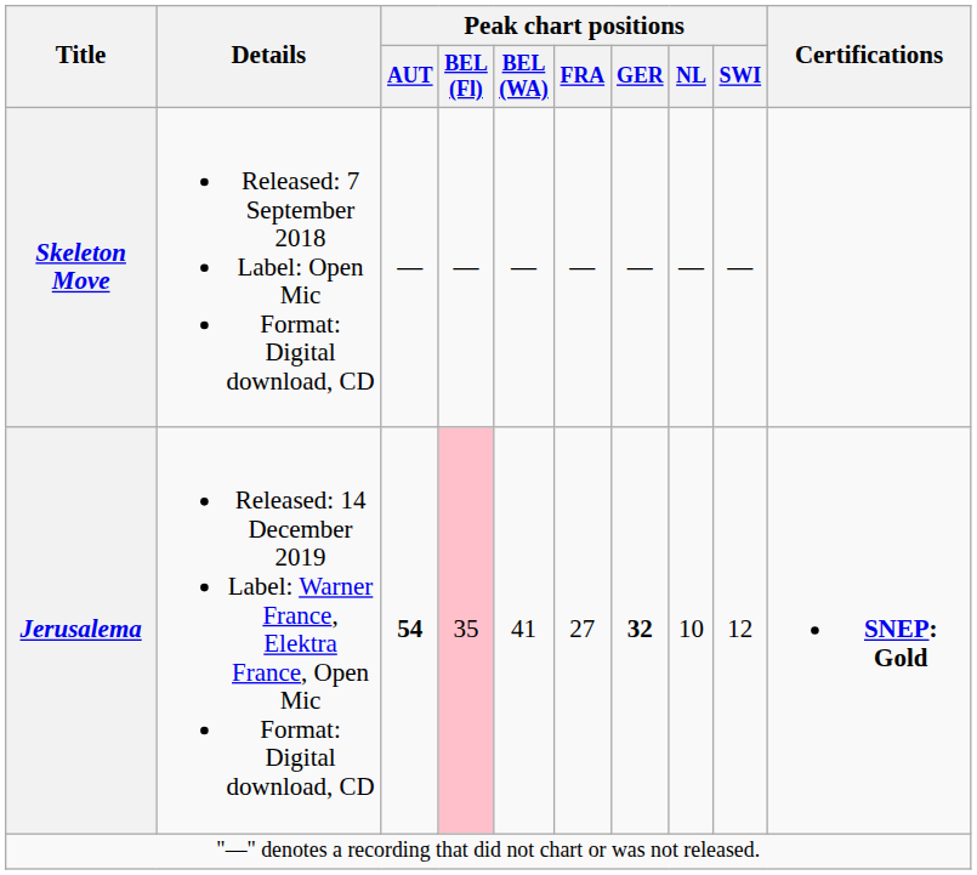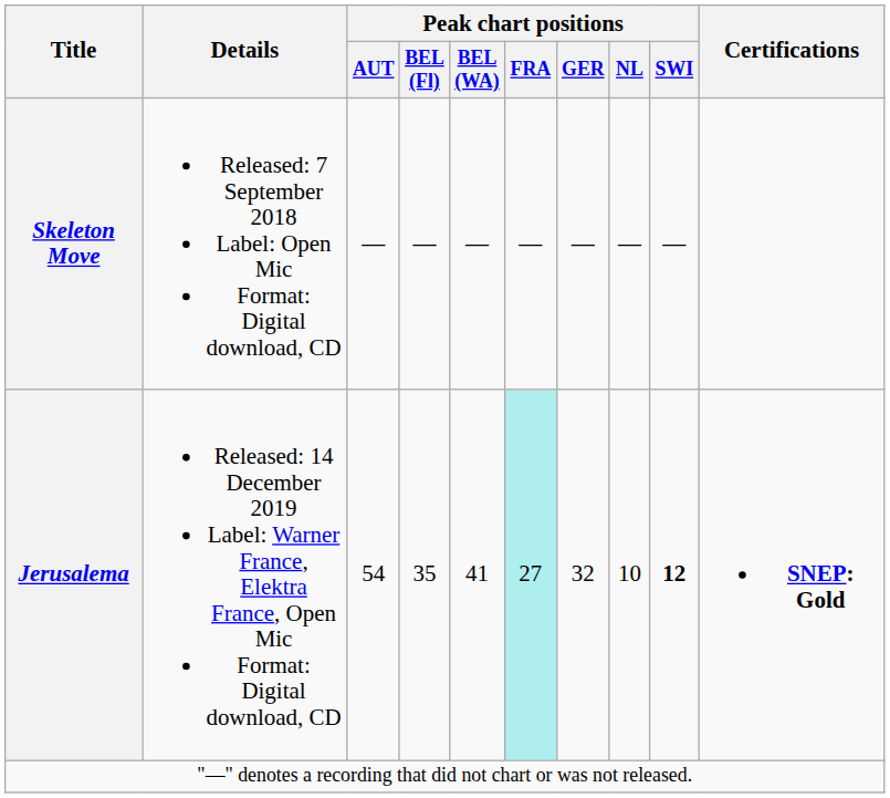 <table class="wikitable plainrowheaders" style="text-align:center;">
 <tr>
 <th scope="col" rowspan="2" style="width:12em;">Title</th>
 <th scope="col" rowspan="2" style="width:24em;">Details</th>
 <th scope="col" colspan="7">Peak chart positions</th>
 <th scope="col" rowspan="2" style="width:24em;">Certifications</th>
 </tr>
 <tr>
 <th scope="col" style="width:3em;font-size:85%;"><a href='#'>AUT</a><br></th>
 <th scope="col" style="width:3em;font-size:85%;"><a href='#'>BEL (Fl)</a><br></th>
 <th scope="col" style="width:3em;font-size:85%;"><a href='#'>BEL (WA)</a><br></th>
 <th scope="col" style="width:3em;font-size:85%;"><a href='#'>FRA</a><br></th>
 <th scope="col" style="width:3em;font-size:85%;"><a href='#'>GER</a><br></th>
 <th scope="col" style="width:3em;font-size:85%;"><a href='#'>NL</a><br></th>
 <th scope="col" style="width:3em;font-size:85%;"><a href='#'>SWI</a><br></th>
 </tr>
 <tr>
 <th scope="row"><em><a href='#'>Skeleton Move</a></em></th>
 <td><br><ul><li>Released: 7 September 2018</li><li>Label: Open Mic</li><li>Format: Digital download, CD</li></ul></td>
 <td>—</td>
 <td>—</td>
 <td>—</td>
 <td>—</td>
 <td>—</td>
 <td>—</td>
 <td>—</td>
 <td></td>
 </tr>
 <tr>
 <th scope="row"><em><a href='#'>Jerusalema</a></em></th>
 <td><br><ul><li>Released: 14 December 2019</li><li>Label: <a href='#'>Warner France</a>, <a href='#'>Elektra France</a>,  Open Mic</li><li>Format: Digital download, CD</li></ul></td>
-<td><strong>54</strong></td>
-<td style="background: pink;">35</td>
+<td>54</td>
+<td>35</td>
 <td>41</td>
-<td>27</td>
-<td><strong>32</strong></td>
+<td style="background: paleturquoise;">27</td>
+<td>32</td>
 <td>10</td>
-<td>12</td>
+<td><strong>12</strong></td>
 <td><strong><br><ul><li><a href='#'>SNEP</a>: Gold</li></ul></strong></td>
 </tr>
 <tr>
 <td style="font-size:85%;" colspan="22">"—" denotes a recording that did not chart or was not released.</td>
 </tr>
 </table>
